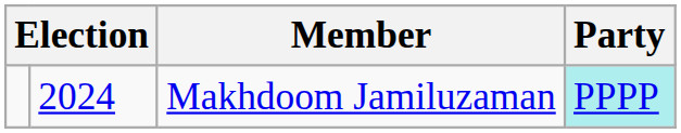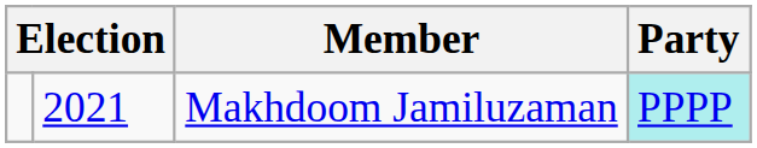 <table class="wikitable">
 <tr>
 <th colspan="2">Election</th>
 <th>Member</th>
 <th>Party</th>
 </tr>
 <tr>
 <td style="background-color: "></td>
-<td><a href='#'>2024</a></td>
+<td><a href='#'>2021</a></td>
 <td><a href='#'>Makhdoom Jamiluzaman</a></td>
 <td style="background: paleturquoise;"><a href='#'>PPPP</a></td>
 </tr>
 </table>
